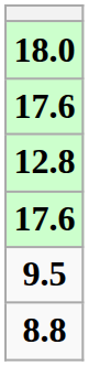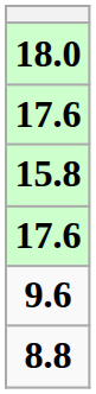 <table class="wikitable" style="text-align: center;">
 <tr>
 <th></th>
 </tr>
 <tr>
 <td style="background:#ccffcc;"><strong>18.0</strong></td>
 </tr>
 <tr>
 <td style="background:#ccffcc;"><strong>17.6</strong></td>
 </tr>
 <tr>
-<td style="background:#ccffcc;"><strong>12.8</strong></td>
+<td style="background:#ccffcc;"><strong>15.8</strong></td>
 </tr>
 <tr>
 <td style="background:#ccffcc;"><strong>17.6</strong></td>
 </tr>
 <tr>
-<td><strong>9.5</strong></td>
+<td><strong>9.6</strong></td>
 </tr>
 <tr>
 <td><strong>8.8</strong></td>
 </tr>
 </table>
